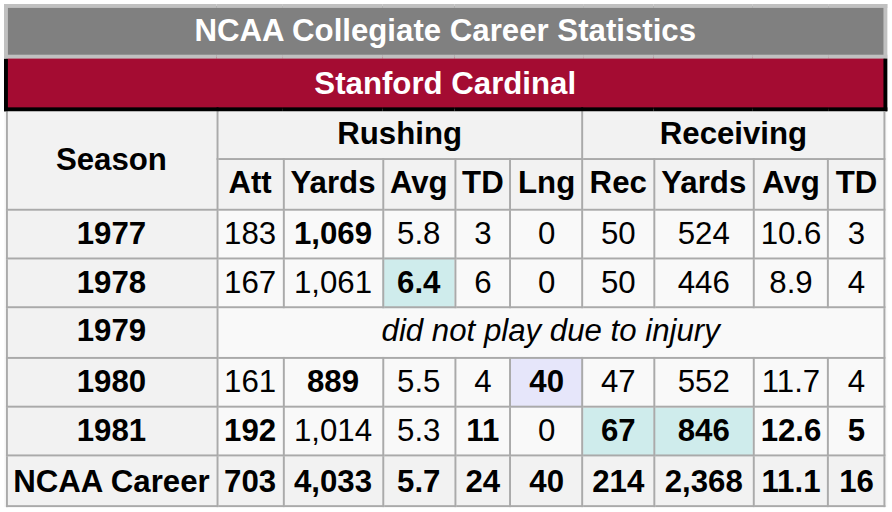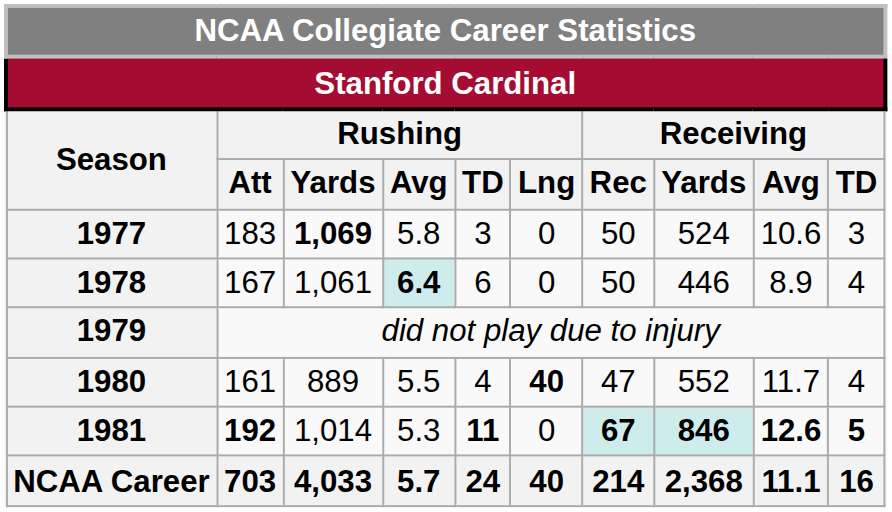 <table class=wikitable style="text-align:center;">
 <tr>
 <th colspan="10" style="background: grey; border: 2px solid silver; color:white;">NCAA Collegiate Career Statistics</th>
 </tr>
 <tr>
 <th colspan="10" style="background: #A40C32; border: 2px solid black; color:white;">Stanford Cardinal</th>
 </tr>
 <tr>
 <th rowspan="2">Season</th>
 <th colspan="5">Rushing</th>
 <th colspan="4">Receiving</th>
 </tr>
 <tr>
 <th>Att</th>
 <th>Yards</th>
 <th>Avg</th>
 <th>TD</th>
 <th>Lng</th>
 <th>Rec</th>
 <th>Yards</th>
 <th>Avg</th>
 <th>TD</th>
 </tr>
 <tr>
 <th>1977</th>
 <td>183</td>
 <td><strong>1,069</strong></td>
 <td>5.8</td>
 <td>3</td>
 <td>0</td>
 <td>50</td>
 <td>524</td>
 <td>10.6</td>
 <td>3</td>
 </tr>
 <tr>
 <th>1978</th>
 <td>167</td>
 <td>1,061</td>
 <td style="background:#cfecec;"><strong>6.4</strong></td>
 <td>6</td>
 <td>0</td>
 <td>50</td>
 <td>446</td>
 <td>8.9</td>
 <td>4</td>
 </tr>
 <tr>
 <th>1979</th>
 <td colspan="9"><em>did not play due to injury</em></td>
 </tr>
 <tr>
 <th>1980</th>
 <td>161</td>
-<td><strong>889</strong></td>
+<td>889</td>
 <td>5.5</td>
 <td>4</td>
-<td style="background: lavender;"><strong>40</strong></td>
+<td><strong>40</strong></td>
 <td>47</td>
 <td>552</td>
 <td>11.7</td>
 <td>4</td>
 </tr>
 <tr>
 <th>1981</th>
 <td><strong>192</strong></td>
 <td>1,014</td>
 <td>5.3</td>
 <td><strong>11</strong></td>
 <td>0</td>
 <td style="background:#cfecec;"><strong>67</strong></td>
 <td style="background:#cfecec;"><strong>846</strong></td>
 <td><strong>12.6</strong></td>
 <td><strong>5</strong></td>
 </tr>
 <tr>
 <th>NCAA Career</th>
 <th>703</th>
 <th>4,033</th>
 <th>5.7</th>
 <th>24</th>
 <th>40</th>
 <th>214</th>
 <th>2,368</th>
 <th>11.1</th>
 <th>16</th>
 </tr>
 </table>
